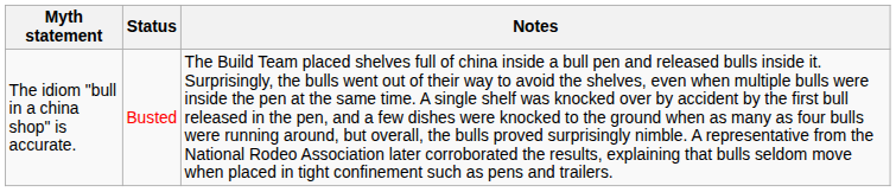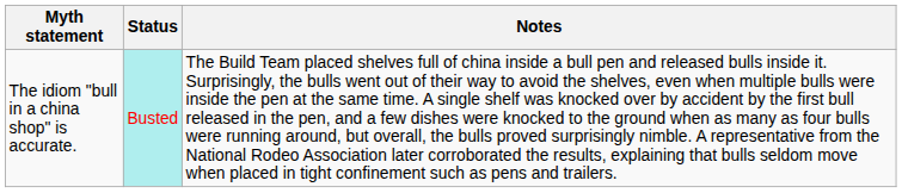 <table class="wikitable plainrowheaders">
 <tr>
 <th>Myth statement</th>
 <th>Status</th>
 <th>Notes</th>
 </tr>
 <tr>
 <td>The idiom "bull in a china shop" is accurate.</td>
-<td style="color:Red">Busted</td>
+<td style="background: paleturquoise; color:Red">Busted</td>
 <td>The Build Team placed shelves full of china inside a bull pen and released bulls inside it. Surprisingly, the bulls went out of their way to avoid the shelves, even when multiple bulls were inside the pen at the same time. A single shelf was knocked over by accident by the first bull released in the pen, and a few dishes were knocked to the ground when as many as four bulls were running around, but overall, the bulls proved surprisingly nimble. A representative from the National Rodeo Association later corroborated the results, explaining that bulls seldom move when placed in tight confinement such as pens and trailers.</td>
 </tr>
 </table>
